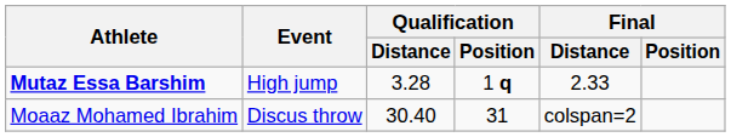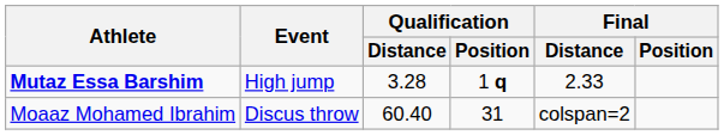 <table class=wikitable style=font-size:90%>
 <tr>
 <th rowspan=2>Athlete</th>
 <th rowspan=2>Event</th>
 <th colspan=2>Qualification</th>
 <th colspan=2>Final</th>
 </tr>
 <tr style=font-size:95%>
 <th>Distance</th>
 <th>Position</th>
 <th>Distance</th>
 <th>Position</th>
 </tr>
 <tr align=center>
 <td align=left><strong><a href='#'>Mutaz Essa Barshim</a></strong></td>
 <td align=left><a href='#'>High jump</a></td>
 <td>3.28</td>
 <td>1 <strong>q</strong></td>
 <td>2.33</td>
 <td></td>
 </tr>
 <tr align=center>
 <td align=left><a href='#'>Moaaz Mohamed Ibrahim</a></td>
 <td align=left><a href='#'>Discus throw</a></td>
-<td>30.40</td>
+<td>60.40</td>
 <td>31</td>
 <td>colspan=2 </td>
 </tr>
 </table>
